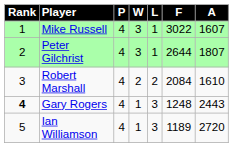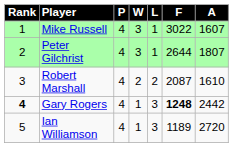 <table border="2" cellpadding="2" cellspacing="0" style="margin: 0; background: #f9f9f9; border: 1px #aaa solid; border-collapse: collapse; font-size: 100%;" width=50%>
 <tr>
 <th bgcolor="000000" style="color:white; text-align:center" width=5%>Rank</th>
 <th bgcolor="000000" style="color:white; text-align:left" width=20%>Player</th>
 <th bgcolor="000000" style="color:white; text-align:center" width=5%>P</th>
 <th bgcolor="000000" style="color:white; text-align:center" width=5%>W</th>
 <th bgcolor="000000" style="color:white; text-align:center" width=5%>L</th>
 <th bgcolor="000000" style="color:white; text-align:center" width=5%>F</th>
 <th bgcolor="000000" style="color:white; text-align:center" width=5%>A</th>
 </tr>
 <tr>
 <td style="text-align:center; background:#aaffaa">1</td>
 <td style="text-align:left; background:#aaffaa"> <a href='#'>Mike Russell</a></td>
 <td style="text-align:center; background:#aaffaa">4</td>
 <td style="text-align:center; background:#aaffaa">3</td>
 <td style="text-align:center; background:#aaffaa">1</td>
 <td style="text-align:center; background:#aaffaa">3022</td>
 <td style="text-align:center; background:#aaffaa">1607</td>
 </tr>
 <tr>
 <td style="text-align:center; background:#aaffaa">2</td>
 <td style="text-align:left; background:#aaffaa"> <a href='#'>Peter Gilchrist</a></td>
 <td style="text-align:center; background:#aaffaa">4</td>
 <td style="text-align:center; background:#aaffaa">3</td>
 <td style="text-align:center; background:#aaffaa">1</td>
 <td style="text-align:center; background:#aaffaa">2644</td>
 <td style="text-align:center; background:#aaffaa">1807</td>
 </tr>
 <tr>
 <td style="text-align:center">3</td>
 <td style="text-align:left;"> <a href='#'>Robert Marshall</a></td>
 <td style="text-align:center;">4</td>
 <td style="text-align:center;">2</td>
 <td style="text-align:center;">2</td>
-<td style="text-align:center;">2084</td>
+<td style="text-align:center;">2087</td>
 <td style="text-align:center;">1610</td>
 </tr>
 <tr>
 <td style="text-align:center"><strong>4</strong></td>
 <td style="text-align:left;"> <a href='#'>Gary Rogers</a></td>
 <td style="text-align:center;">4</td>
 <td style="text-align:center;">1</td>
 <td style="text-align:center;">3</td>
-<td style="text-align:center;">1248</td>
-<td style="text-align:center;">2443</td>
+<td style="text-align:center;"><strong>1248</strong></td>
+<td style="text-align:center;">2442</td>
 </tr>
 <tr>
 <td style="text-align:center">5</td>
 <td style="text-align:left;"> <a href='#'>Ian Williamson</a></td>
 <td style="text-align:center;">4</td>
 <td style="text-align:center;">1</td>
 <td style="text-align:center;">3</td>
 <td style="text-align:center;">1189</td>
 <td style="text-align:center;">2720</td>
 </tr>
 </table>
